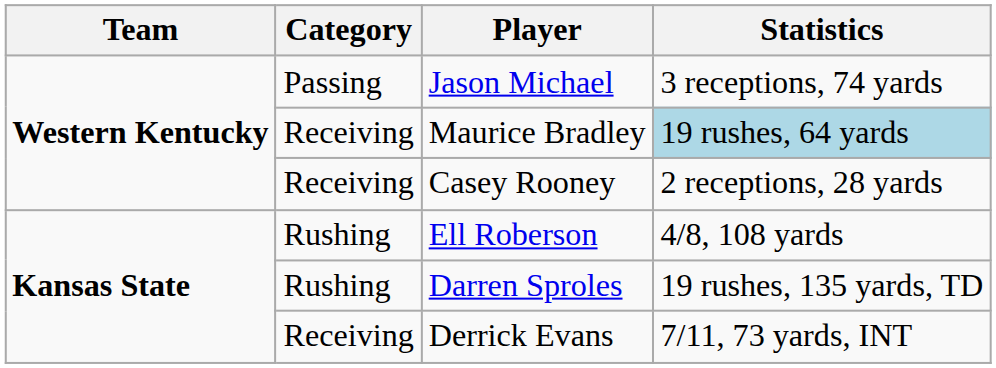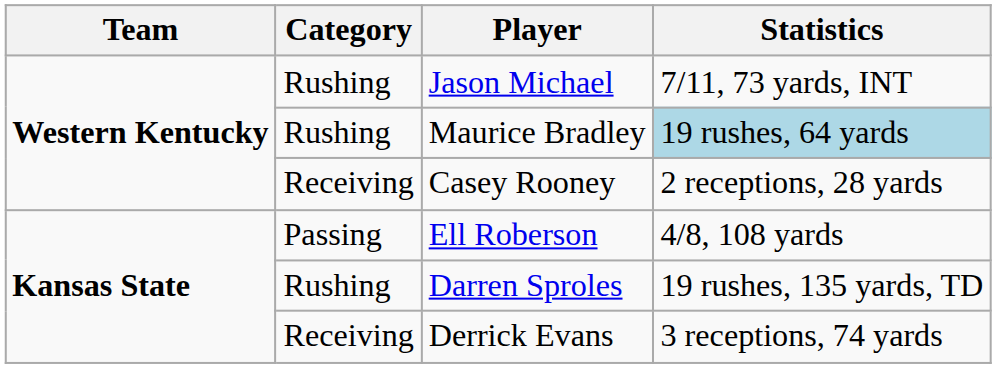 <table class="wikitable" style="float: right;">
 <tr>
 <th>Team</th>
 <th>Category</th>
 <th>Player</th>
 <th>Statistics</th>
 </tr>
 <tr>
 <td rowspan=3><strong>Western Kentucky</strong></td>
-<td>Passing</td>
+<td>Rushing</td>
 <td><a href='#'>Jason Michael</a></td>
-<td>3 receptions, 74 yards</td>
+<td>7/11, 73 yards, INT</td>
 </tr>
 <tr>
-<td>Receiving</td>
+<td>Rushing</td>
 <td>Maurice Bradley</td>
 <td style="background: lightblue;">19 rushes, 64 yards</td>
 </tr>
 <tr>
 <td>Receiving</td>
 <td>Casey Rooney</td>
 <td>2 receptions, 28 yards</td>
 </tr>
 <tr>
 <td rowspan=3><strong>Kansas State</strong></td>
-<td>Rushing</td>
+<td>Passing</td>
 <td><a href='#'>Ell Roberson</a></td>
 <td>4/8, 108 yards</td>
 </tr>
 <tr>
 <td>Rushing</td>
 <td><a href='#'>Darren Sproles</a></td>
 <td>19 rushes, 135 yards, TD</td>
 </tr>
 <tr>
 <td>Receiving</td>
 <td>Derrick Evans</td>
-<td>7/11, 73 yards, INT</td>
+<td>3 receptions, 74 yards</td>
 </tr>
 </table>
